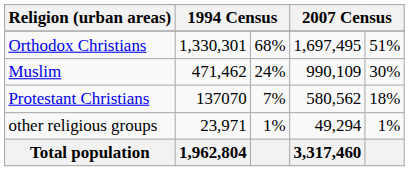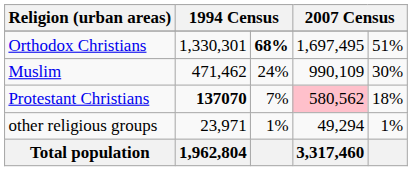 <table class="wikitable" style="text-align: right;">
 <tr bgcolor="#e0e0e0">
 <th rowspan="1">Religion (urban areas)</th>
 <th colspan="2">1994 Census</th>
 <th colspan="2">2007 Census</th>
 </tr>
 <tr bgcolor="#e0e0e0">
 </tr>
 <tr>
 <td align="left"><a href='#'>Orthodox Christians</a></td>
 <td>1,330,301</td>
-<td>68%</td>
+<td><strong>68%</strong></td>
 <td>1,697,495</td>
 <td>51%</td>
 </tr>
 <tr>
 <td align="left"><a href='#'>Muslim</a></td>
 <td>471,462</td>
 <td>24%</td>
 <td>990,109</td>
 <td>30%</td>
 </tr>
 <tr>
 <td align="left"><a href='#'>Protestant Christians</a></td>
-<td>137070</td>
+<td><strong>137070</strong></td>
 <td>7%</td>
-<td>580,562</td>
+<td style="background: pink;">580,562</td>
 <td>18%</td>
 </tr>
 <tr>
 <td align="left">other religious groups</td>
 <td>23,971</td>
 <td>1%</td>
 <td>49,294</td>
 <td>1%</td>
 </tr>
 <tr>
 <th align="left">Total population</th>
 <th>1,962,804</th>
 <th></th>
 <th>3,317,460</th>
 <th></th>
 </tr>
 </table>
